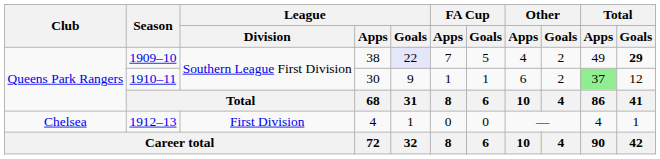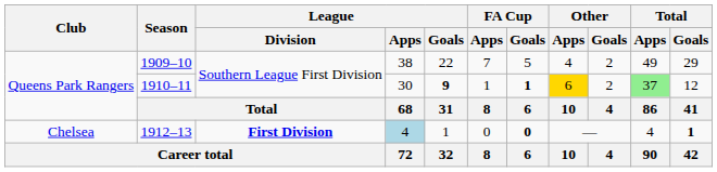 <table class="wikitable" style="text-align: center;">
 <tr>
 <th rowspan="2">Club</th>
 <th rowspan="2">Season</th>
 <th colspan="3">League</th>
 <th colspan="2">FA Cup</th>
 <th colspan="2">Other</th>
 <th colspan="2">Total</th>
 </tr>
 <tr>
 <th>Division</th>
 <th>Apps</th>
 <th>Goals</th>
 <th>Apps</th>
 <th>Goals</th>
 <th>Apps</th>
 <th>Goals</th>
 <th>Apps</th>
 <th>Goals</th>
 </tr>
 <tr>
 <td rowspan="3"><a href='#'>Queens Park Rangers</a></td>
 <td><a href='#'>1909–10</a></td>
 <td rowspan="2"><a href='#'>Southern League</a> First Division</td>
 <td>38</td>
-<td style="background: lavender;">22</td>
+<td>22</td>
 <td>7</td>
 <td>5</td>
 <td>4</td>
 <td>2</td>
 <td>49</td>
-<td><strong>29</strong></td>
+<td>29</td>
 </tr>
 <tr>
 <td><a href='#'>1910–11</a></td>
 <td>30</td>
-<td>9</td>
+<td><strong>9</strong></td>
 <td>1</td>
-<td>1</td>
-<td>6</td>
+<td><strong>1</strong></td>
+<td style="background: gold;">6</td>
 <td>2</td>
 <td style="background: lightgreen;">37</td>
 <td>12</td>
 </tr>
 <tr>
 <th colspan="2">Total</th>
 <th>68</th>
 <th>31</th>
 <th>8</th>
 <th>6</th>
 <th>10</th>
 <th>4</th>
 <th>86</th>
 <th>41</th>
 </tr>
 <tr>
 <td><a href='#'>Chelsea</a></td>
 <td><a href='#'>1912–13</a></td>
-<td><a href='#'>First Division</a></td>
-<td>4</td>
+<td><strong><a href='#'>First Division</a></strong></td>
+<td style="background: lightblue;">4</td>
 <td>1</td>
 <td>0</td>
-<td>0</td>
+<td><strong>0</strong></td>
 <td colspan="2">—</td>
 <td>4</td>
-<td>1</td>
+<td><strong>1</strong></td>
 </tr>
 <tr>
 <th colspan="3">Career total</th>
 <th>72</th>
 <th>32</th>
 <th>8</th>
 <th>6</th>
 <th>10</th>
 <th>4</th>
 <th>90</th>
 <th>42</th>
 </tr>
 </table>
